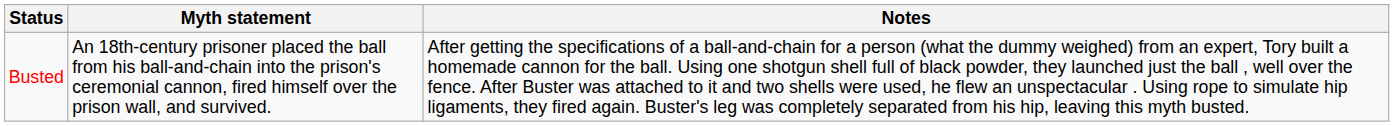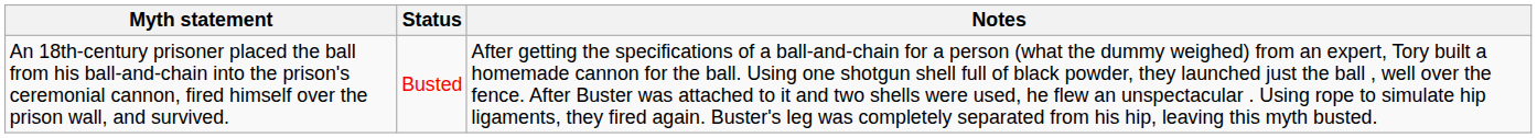 <table class="wikitable plainrowheaders">
 <tr>
+<th>Myth statement</th>
 <th>Status</th>
-<th>Myth statement</th>
 <th>Notes</th>
 </tr>
 <tr>
+<td>An 18th-century prisoner placed the ball from his ball-and-chain into the prison's ceremonial cannon, fired himself over the prison wall, and survived.</td>
 <td style="color:red">Busted</td>
-<td>An 18th-century prisoner placed the ball from his ball-and-chain into the prison's ceremonial cannon, fired himself over the prison wall, and survived.</td>
 <td>After getting the specifications of a ball-and-chain for a  person (what the dummy weighed) from an expert, Tory built a homemade cannon for the ball. Using one shotgun shell full of black powder, they launched just the ball , well over the fence. After Buster was attached to it and two shells were used, he flew an unspectacular . Using rope to simulate hip ligaments, they fired again. Buster's leg was completely separated from his hip, leaving this myth busted.</td>
 </tr>
 </table>
